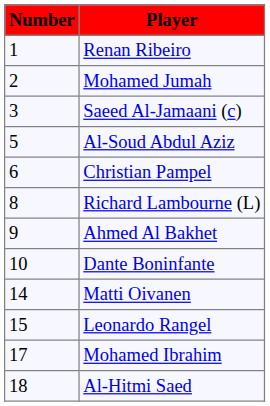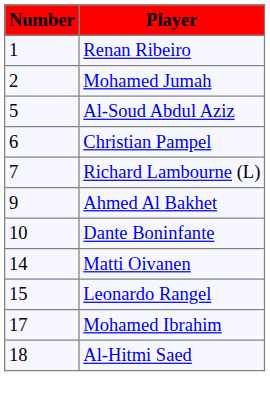 <table bgcolor="#f7f8ff" cellpadding="3" cellspacing="0" border="1" style="font-size: 95%; border: gray solid 1px; border-collapse: collapse;">
 <tr bgcolor="#ff0000">
 <td align=center><strong>Number</strong></td>
 <td align=center><strong>Player</strong></td>
 </tr>
 <tr align="left">
 <td>1</td>
 <td> <a href='#'>Renan Ribeiro</a></td>
 </tr>
 <tr align=left>
 <td>2</td>
 <td> <a href='#'>Mohamed Jumah</a></td>
 </tr>
 <tr align="left">
-<td>3</td>
-<td> <a href='#'>Saeed Al-Jamaani</a> (<a href='#'>c</a>)</td>
-</tr>
-<tr align="left">
 <td>5</td>
 <td> <a href='#'>Al-Soud Abdul Aziz</a></td>
 </tr>
 <tr align="left">
 <td>6</td>
 <td> <a href='#'>Christian Pampel</a></td>
 </tr>
 <tr align="left">
-<td>8</td>
+<td>7</td>
 <td> <a href='#'>Richard Lambourne</a> (L)</td>
 </tr>
 <tr align="left">
 <td>9</td>
 <td> <a href='#'>Ahmed Al Bakhet</a></td>
 </tr>
 <tr align="left">
 <td>10</td>
 <td> <a href='#'>Dante Boninfante</a></td>
 </tr>
 <tr align="left">
 <td>14</td>
 <td> <a href='#'>Matti Oivanen</a></td>
 </tr>
 <tr align="left">
 <td>15</td>
 <td> <a href='#'>Leonardo Rangel</a></td>
 </tr>
 <tr align="left">
 <td>17</td>
 <td> <a href='#'>Mohamed Ibrahim</a></td>
 </tr>
 <tr align="left">
 <td>18</td>
 <td> <a href='#'>Al-Hitmi Saed</a></td>
 </tr>
 </table>
